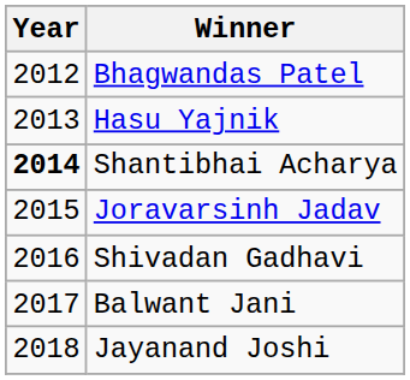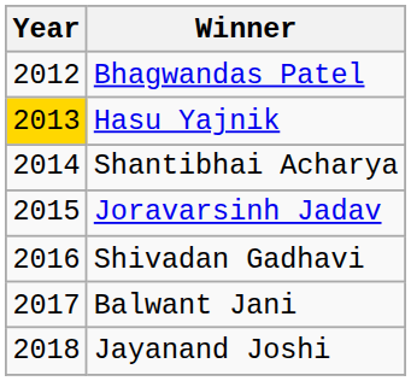 <table class="wikitable" style="margin-bottom: 10px;">
 <tr>
 <th>Year</th>
 <th>Winner</th>
 </tr>
 <tr>
 <td>2012</td>
 <td><a href='#'>Bhagwandas Patel</a></td>
 </tr>
 <tr>
-<td>2013</td>
+<td style="background: gold;">2013</td>
 <td><a href='#'>Hasu Yajnik</a></td>
 </tr>
 <tr>
-<td><strong>2014</strong></td>
+<td>2014</td>
 <td>Shantibhai Acharya </td>
 </tr>
 <tr>
 <td>2015</td>
 <td><a href='#'>Joravarsinh Jadav</a></td>
 </tr>
 <tr>
 <td>2016</td>
 <td>Shivadan Gadhavi</td>
 </tr>
 <tr>
 <td>2017</td>
 <td>Balwant Jani</td>
 </tr>
 <tr>
 <td>2018</td>
 <td>Jayanand Joshi </td>
 </tr>
 </table>
